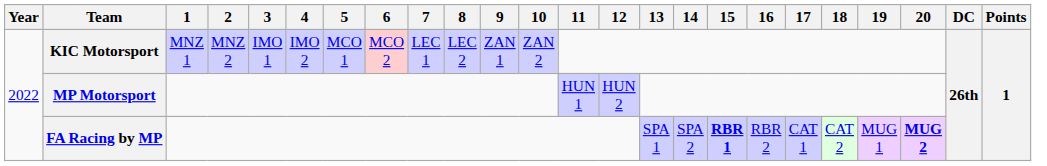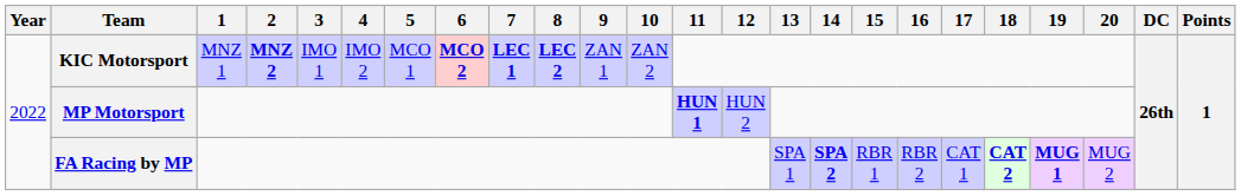 <table class="wikitable" style="text-align:center; font-size:85%">
 <tr>
 <th>Year</th>
 <th>Team</th>
 <th>1</th>
 <th>2</th>
 <th>3</th>
 <th>4</th>
 <th>5</th>
 <th>6</th>
 <th>7</th>
 <th>8</th>
 <th>9</th>
 <th>10</th>
 <th>11</th>
 <th>12</th>
 <th>13</th>
 <th>14</th>
 <th>15</th>
 <th>16</th>
 <th>17</th>
 <th>18</th>
 <th>19</th>
 <th>20</th>
 <th>DC</th>
 <th>Points</th>
 </tr>
 <tr>
 <td rowspan="3"><a href='#'>2022</a></td>
 <th nowrap>KIC Motorsport</th>
 <td style="background:#CFCFFF;"><a href='#'>MNZ<br>1</a><br></td>
-<td style="background:#CFCFFF;"><a href='#'>MNZ<br>2</a><br></td>
+<td style="background:#CFCFFF;"><strong><a href='#'>MNZ<br>2</a><br></strong></td>
 <td style="background:#CFCFFF;"><a href='#'>IMO<br>1</a><br></td>
 <td style="background:#CFCFFF;"><a href='#'>IMO<br>2</a><br></td>
 <td style="background:#CFCFFF;"><a href='#'>MCO<br>1</a><br></td>
-<td style="background:#FFCFCF;"><a href='#'>MCO<br>2</a><br></td>
-<td style="background:#CFCFFF;"><a href='#'>LEC<br>1</a><br></td>
-<td style="background:#CFCFFF;"><a href='#'>LEC<br>2</a><br></td>
+<td style="background:#FFCFCF;"><strong><a href='#'>MCO<br>2</a><br></strong></td>
+<td style="background:#CFCFFF;"><strong><a href='#'>LEC<br>1</a><br></strong></td>
+<td style="background:#CFCFFF;"><strong><a href='#'>LEC<br>2</a><br></strong></td>
 <td style="background:#CFCFFF;"><a href='#'>ZAN<br>1</a><br></td>
 <td style="background:#CFCFFF;"><a href='#'>ZAN<br>2</a><br></td>
 <td colspan=10></td>
 <th rowspan="3">26th</th>
 <th rowspan="3">1</th>
 </tr>
 <tr>
 <th nowrap><a href='#'>MP Motorsport</a></th>
 <td colspan=10></td>
-<td style="background:#CFCFFF;"><a href='#'>HUN<br>1</a><br></td>
+<td style="background:#CFCFFF;"><strong><a href='#'>HUN<br>1</a><br></strong></td>
 <td style="background:#CFCFFF;"><a href='#'>HUN<br>2</a><br></td>
 <td colspan=8></td>
 </tr>
 <tr>
 <th nowrap><a href='#'>FA Racing</a> by <a href='#'>MP</a></th>
 <td colspan=12></td>
 <td style="background:#CFCFFF;"><a href='#'>SPA<br>1</a><br></td>
-<td style="background:#CFCFFF;"><a href='#'>SPA<br>2</a><br></td>
-<td style="background:#CFCFFF;"><strong><a href='#'>RBR<br>1</a><br></strong></td>
+<td style="background:#CFCFFF;"><strong><a href='#'>SPA<br>2</a><br></strong></td>
+<td style="background:#CFCFFF;"><a href='#'>RBR<br>1</a><br></td>
 <td style="background:#CFCFFF;"><a href='#'>RBR<br>2</a><br></td>
 <td style="background:#CFCFFF;"><a href='#'>CAT<br>1</a><br></td>
-<td style="background:#DFFFDF;"><a href='#'>CAT<br>2</a><br></td>
-<td style="background:#EFCFFF;"><a href='#'>MUG<br>1</a><br></td>
-<td style="background:#EFCFFF;"><strong><a href='#'>MUG<br>2</a><br></strong></td>
+<td style="background:#DFFFDF;"><strong><a href='#'>CAT<br>2</a><br></strong></td>
+<td style="background:#EFCFFF;"><strong><a href='#'>MUG<br>1</a><br></strong></td>
+<td style="background:#EFCFFF;"><a href='#'>MUG<br>2</a><br></td>
 </tr>
 </table>
